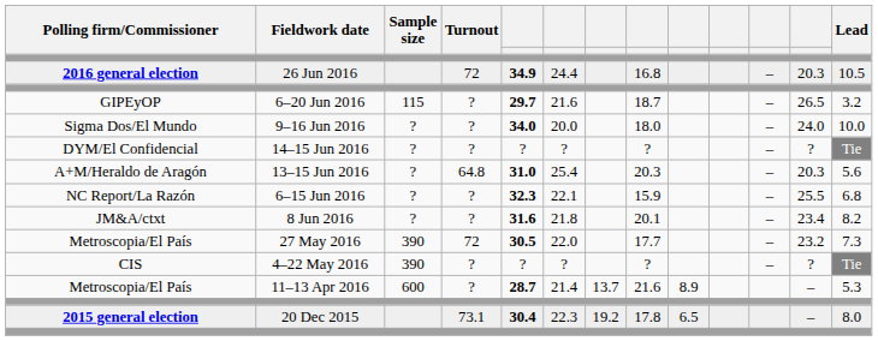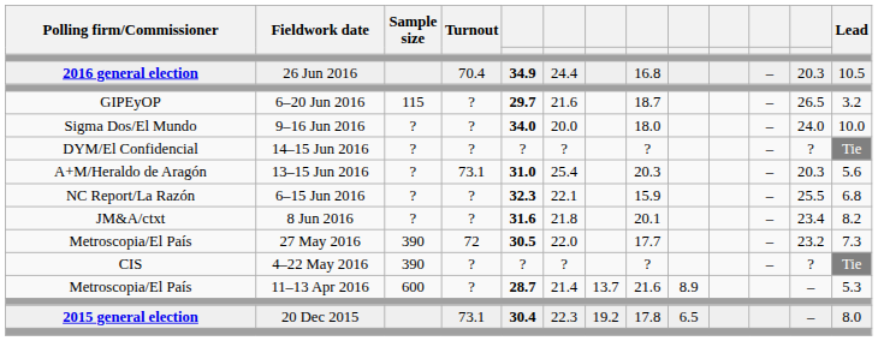 <table class="wikitable collapsible collapsed" style="text-align:center; font-size:95%; line-height:16px;">
 <tr style="height:42px; background-color:#E9E9E9">
 <th style="width:250px;" rowspan="2">Polling firm/Commissioner</th>
 <th style="width:125px;" rowspan="2">Fieldwork date</th>
 <th style="width:50px;" rowspan="2">Sample size</th>
 <th style="width:45px;" rowspan="2">Turnout</th>
 <th style="width:35px;"></th>
 <th style="width:35px;"></th>
 <th style="width:35px;"></th>
 <th style="width:35px;"></th>
 <th style="width:35px;"></th>
 <th style="width:35px;"></th>
 <th style="width:35px;"></th>
 <th style="width:35px;"></th>
 <th style="width:30px;" rowspan="2">Lead</th>
 </tr>
 <tr>
 <th style="color:inherit;background:"></th>
 <th style="color:inherit;background:"></th>
 <th style="color:inherit;background:"></th>
 <th style="color:inherit;background:"></th>
 <th style="color:inherit;background:"></th>
 <th style="color:inherit;background:"></th>
 <th style="color:inherit;background:"></th>
 <th style="color:inherit;background:"></th>
 </tr>
 <tr>
 <td colspan="13" style="background:#A0A0A0"></td>
 </tr>
 <tr style="background:#EFEFEF;">
 <td><strong><a href='#'>2016 general election</a></strong></td>
 <td>26 Jun 2016</td>
 <td></td>
-<td>72</td>
+<td>70.4</td>
 <td><strong>34.9</strong><br></td>
 <td>24.4<br></td>
 <td></td>
 <td>16.8<br></td>
 <td></td>
 <td></td>
 <td>–</td>
 <td>20.3<br></td>
 <td style="background:">10.5</td>
 </tr>
 <tr>
 <td colspan="13" style="background:#A0A0A0"></td>
 </tr>
 <tr>
 <td>GIPEyOP</td>
 <td>6–20 Jun 2016</td>
 <td>115</td>
 <td>?</td>
 <td><strong>29.7</strong><br></td>
 <td>21.6<br></td>
 <td></td>
 <td>18.7<br></td>
 <td></td>
 <td></td>
 <td>–</td>
 <td>26.5<br></td>
 <td style="background:">3.2</td>
 </tr>
 <tr>
 <td>Sigma Dos/El Mundo</td>
 <td>9–16 Jun 2016</td>
 <td>?</td>
 <td>?</td>
 <td><strong>34.0</strong><br></td>
 <td>20.0<br></td>
 <td></td>
 <td>18.0<br></td>
 <td></td>
 <td></td>
 <td>–</td>
 <td>24.0<br></td>
 <td style="background:">10.0</td>
 </tr>
 <tr>
 <td>DYM/El Confidencial</td>
 <td>14–15 Jun 2016</td>
 <td>?</td>
 <td>?</td>
 <td>?<br></td>
 <td>?<br></td>
 <td></td>
 <td>?<br></td>
 <td></td>
 <td></td>
 <td>–</td>
 <td>?<br></td>
 <td style="background:gray;color:white;">Tie</td>
 </tr>
 <tr>
 <td>A+M/Heraldo de Aragón</td>
 <td>13–15 Jun 2016</td>
 <td>?</td>
-<td>64.8</td>
+<td>73.1</td>
 <td><strong>31.0</strong><br></td>
 <td>25.4<br></td>
 <td></td>
 <td>20.3<br></td>
 <td></td>
 <td></td>
 <td>–</td>
 <td>20.3<br></td>
 <td style="background:">5.6</td>
 </tr>
 <tr>
 <td>NC Report/La Razón</td>
 <td>6–15 Jun 2016</td>
 <td>?</td>
 <td>?</td>
 <td><strong>32.3</strong><br></td>
 <td>22.1<br></td>
 <td></td>
 <td>15.9<br></td>
 <td></td>
 <td></td>
 <td>–</td>
 <td>25.5<br></td>
 <td style="background:">6.8</td>
 </tr>
 <tr>
 <td>JM&A/ctxt</td>
 <td>8 Jun 2016</td>
 <td>?</td>
 <td>?</td>
 <td><strong>31.6</strong><br></td>
 <td>21.8<br></td>
 <td></td>
 <td>20.1<br></td>
 <td></td>
 <td></td>
 <td>–</td>
 <td>23.4<br></td>
 <td style="background:">8.2</td>
 </tr>
 <tr>
 <td>Metroscopia/El País</td>
 <td>27 May 2016</td>
 <td>390</td>
 <td>72</td>
 <td><strong>30.5</strong><br></td>
 <td>22.0<br></td>
 <td></td>
 <td>17.7<br></td>
 <td></td>
 <td></td>
 <td>–</td>
 <td>23.2<br></td>
 <td style="background:">7.3</td>
 </tr>
 <tr>
 <td>CIS</td>
 <td>4–22 May 2016</td>
 <td>390</td>
 <td>?</td>
 <td>?<br></td>
 <td>?<br></td>
 <td></td>
 <td>?<br></td>
 <td></td>
 <td></td>
 <td>–</td>
 <td>?<br></td>
 <td style="background:gray;color:white;">Tie</td>
 </tr>
 <tr>
 <td>Metroscopia/El País</td>
 <td>11–13 Apr 2016</td>
 <td>600</td>
 <td>?</td>
 <td><strong>28.7</strong><br></td>
 <td>21.4<br></td>
 <td>13.7<br></td>
 <td>21.6<br></td>
 <td>8.9<br></td>
 <td></td>
 <td></td>
 <td>–</td>
 <td style="background:">5.3</td>
 </tr>
 <tr>
 <td colspan="13" style="background:#A0A0A0"></td>
 </tr>
 <tr style="background:#EFEFEF;">
 <td><strong><a href='#'>2015 general election</a></strong></td>
 <td>20 Dec 2015</td>
 <td></td>
 <td>73.1</td>
 <td><strong>30.4</strong><br></td>
 <td>22.3<br></td>
 <td>19.2<br></td>
 <td>17.8<br></td>
 <td>6.5<br></td>
 <td></td>
 <td></td>
 <td>–</td>
 <td style="background:">8.0</td>
 </tr>
 <tr>
 <td colspan="13" style="background:#A0A0A0"></td>
 </tr>
 </table>
